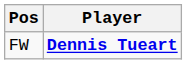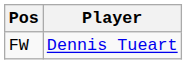 <table class="wikitable">
 <tr>
 <th>Pos</th>
 <th>Player</th>
 </tr>
 <tr>
 <td>FW</td>
-<td><strong> <a href='#'>Dennis Tueart</a></strong></td>
+<td> <a href='#'>Dennis Tueart</a></td>
 </tr>
 </table>
